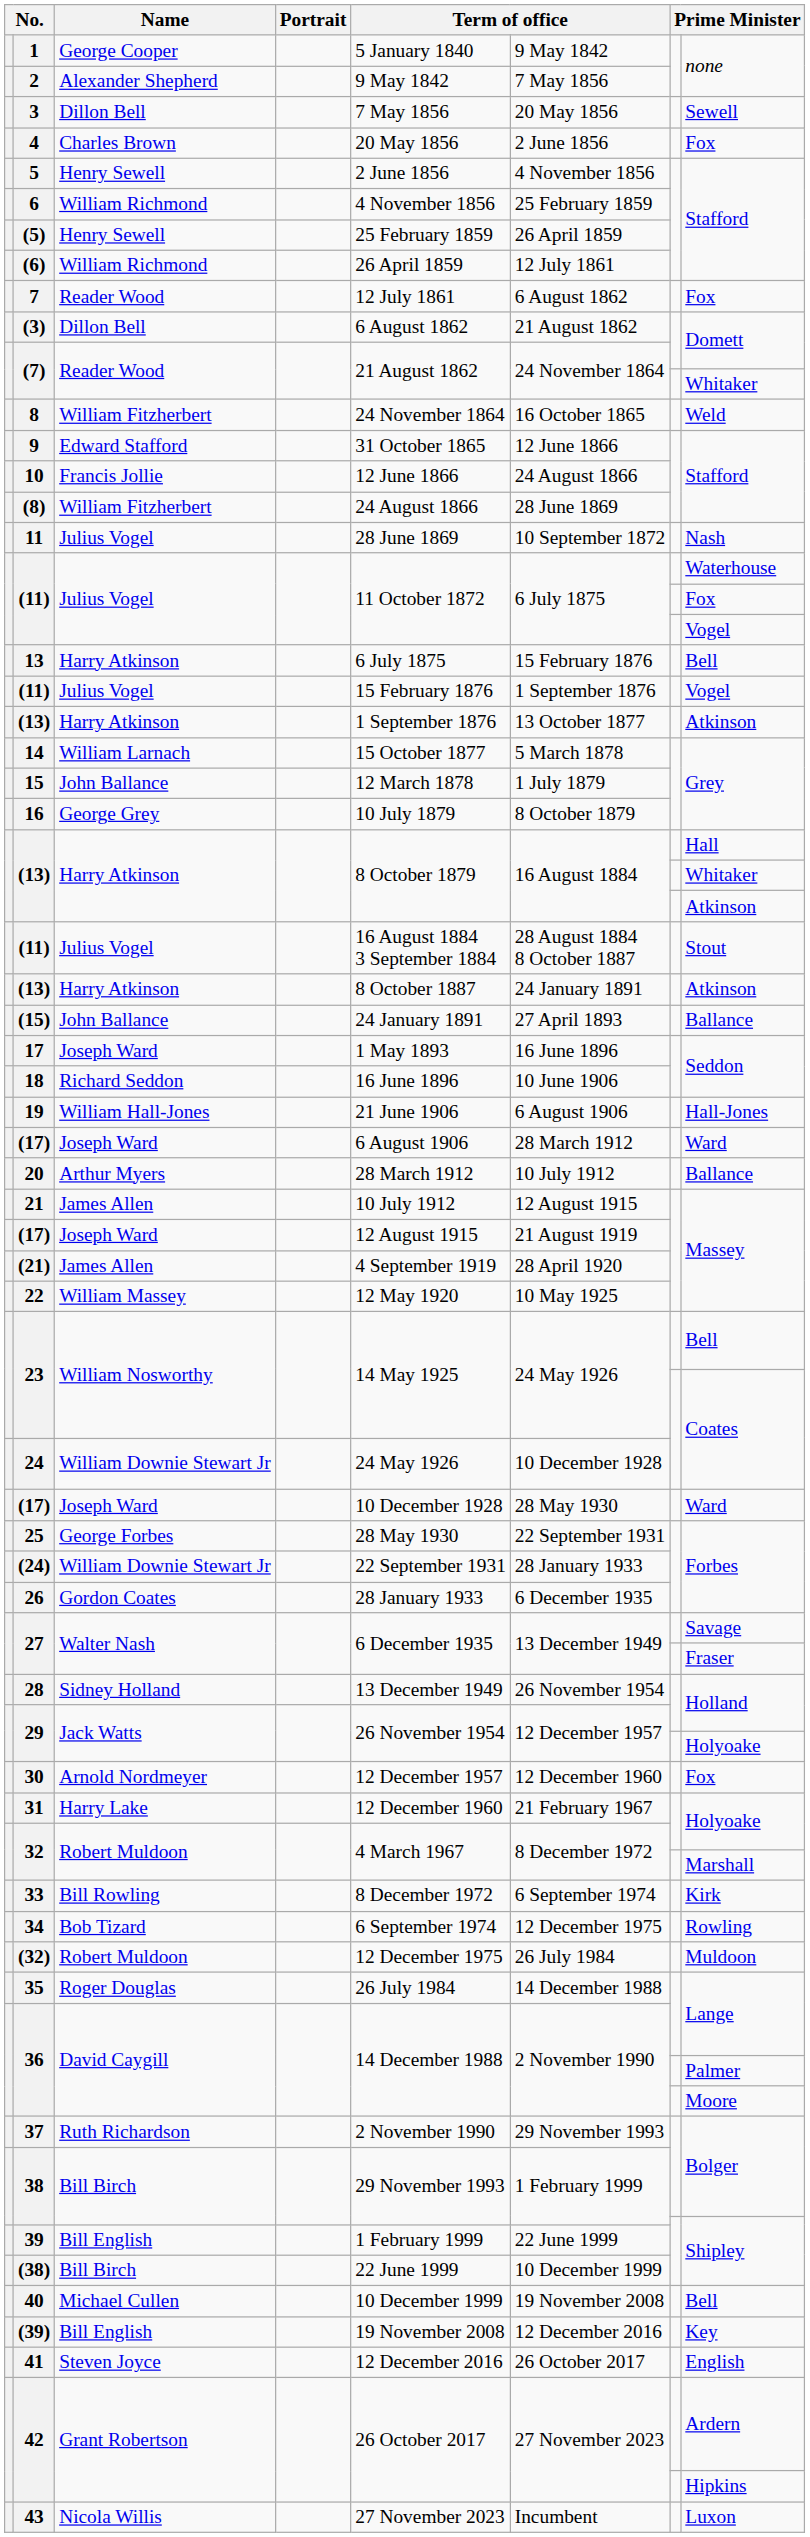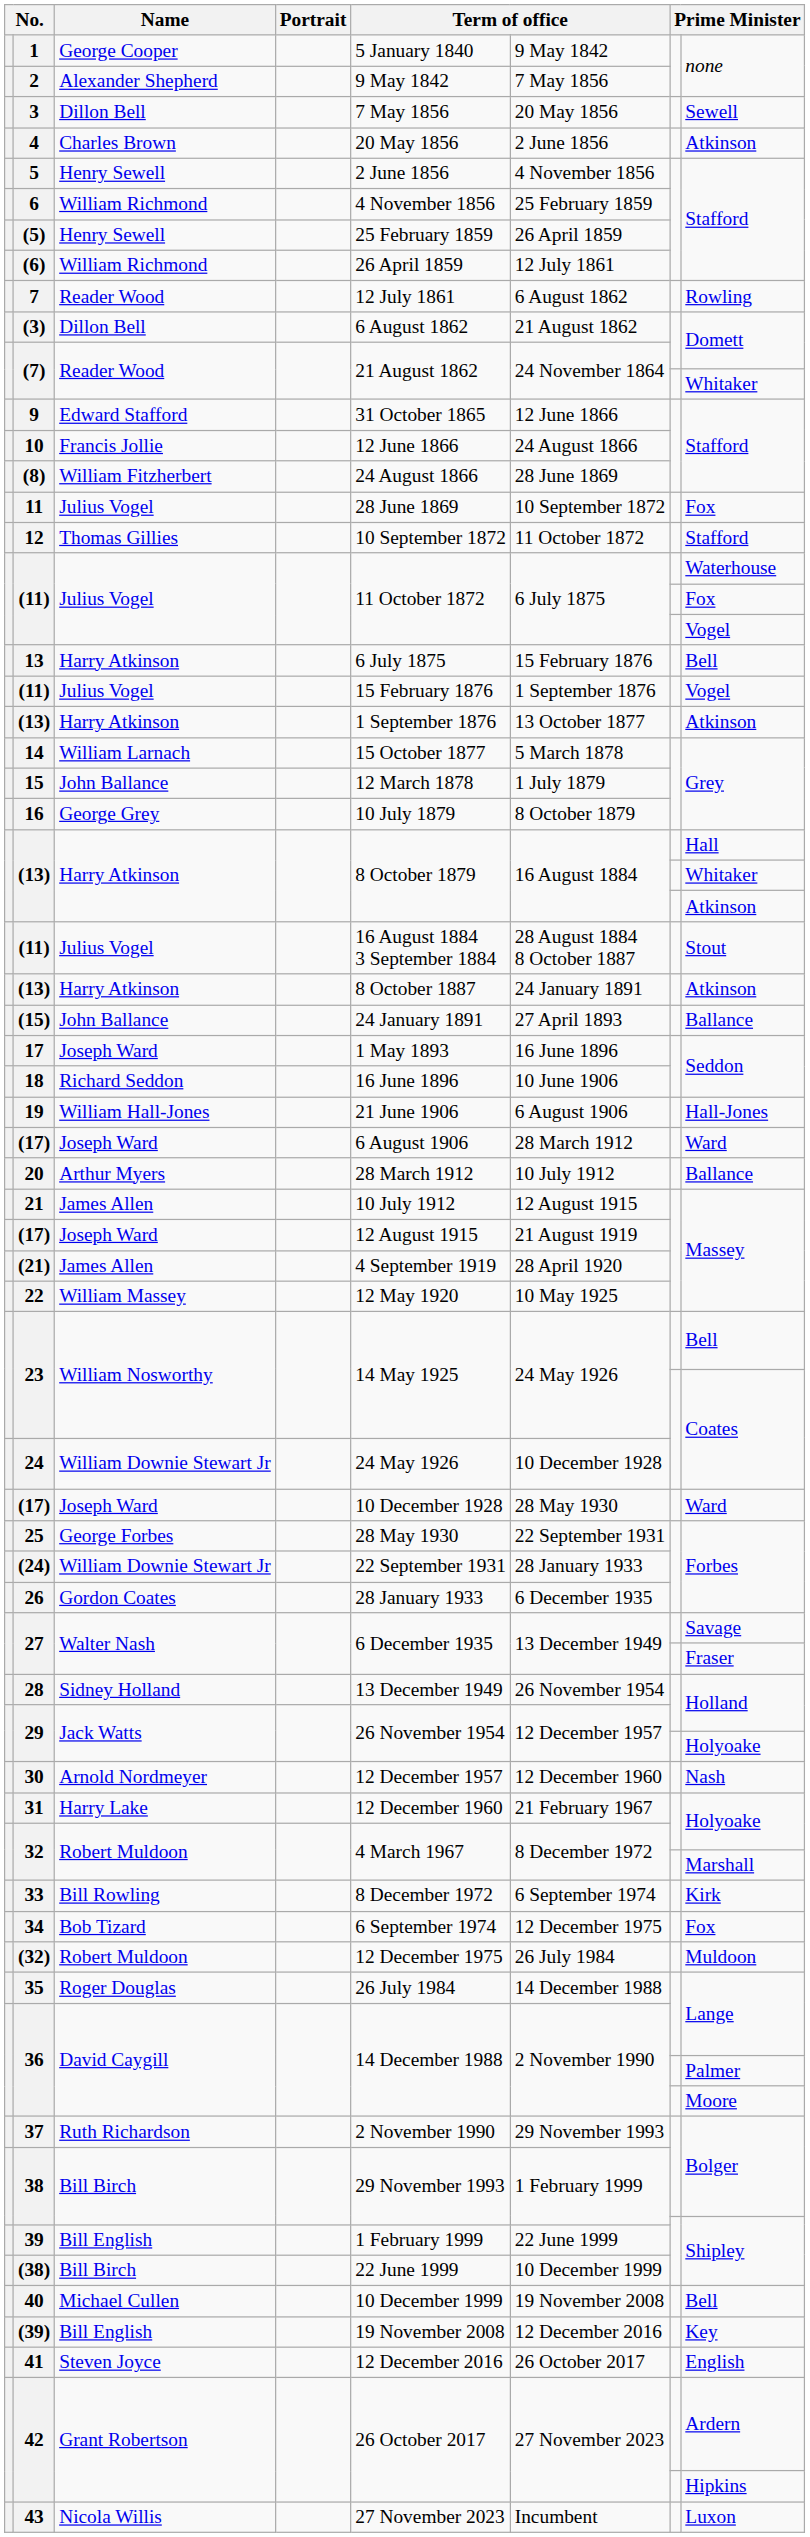 <table class="wikitable">
 <tr>
 <th colspan="2">No.</th>
 <th>Name</th>
 <th>Portrait</th>
 <th colspan="2">Term of office</th>
 <th colspan="2">Prime Minister</th>
 </tr>
 <tr>
 <th style="color:inherit;background:"></th>
 <th>1</th>
 <td><a href='#'>George Cooper</a></td>
 <td></td>
 <td>5 January 1840</td>
 <td>9 May 1842</td>
 <td rowspan="2" style="color:inherit;background:"></td>
 <td rowspan="2"><em>none</em></td>
 </tr>
 <tr>
 <th style="color:inherit;background:"></th>
 <th>2</th>
 <td><a href='#'>Alexander Shepherd</a></td>
 <td></td>
 <td>9 May 1842</td>
 <td>7 May 1856</td>
 </tr>
 <tr>
 <th style="color:inherit;background:"></th>
 <th>3</th>
 <td><a href='#'>Dillon Bell</a></td>
 <td></td>
 <td>7 May 1856</td>
 <td>20 May 1856</td>
 <td style="color:inherit;background:"></td>
 <td><a href='#'>Sewell</a></td>
 </tr>
 <tr>
 <th style="color:inherit;background:"></th>
 <th>4</th>
 <td><a href='#'>Charles Brown</a></td>
 <td></td>
 <td>20 May 1856</td>
 <td>2 June 1856</td>
 <td style="color:inherit;background:"></td>
-<td><a href='#'>Fox</a></td>
+<td><a href='#'>Atkinson</a></td>
 </tr>
 <tr>
 <th style="color:inherit;background:"></th>
 <th>5</th>
 <td><a href='#'>Henry Sewell</a></td>
 <td></td>
 <td>2 June 1856</td>
 <td>4 November 1856</td>
 <td rowspan="4" style="color:inherit;background:"></td>
 <td rowspan="4"><a href='#'>Stafford</a></td>
 </tr>
 <tr>
 <th style="color:inherit;background:"></th>
 <th>6</th>
 <td><a href='#'>William Richmond</a></td>
 <td></td>
 <td>4 November 1856</td>
 <td>25 February 1859</td>
 </tr>
 <tr>
 <th style="color:inherit;background:"></th>
 <th>(5)</th>
 <td><a href='#'>Henry Sewell</a></td>
 <td></td>
 <td>25 February 1859</td>
 <td>26 April 1859</td>
 </tr>
 <tr>
 <th style="color:inherit;background:"></th>
 <th>(6)</th>
 <td><a href='#'>William Richmond</a></td>
 <td></td>
 <td>26 April 1859</td>
 <td>12 July 1861</td>
 </tr>
 <tr>
 <th style="color:inherit;background:"></th>
 <th>7</th>
 <td><a href='#'>Reader Wood</a></td>
 <td></td>
 <td>12 July 1861</td>
 <td>6 August 1862</td>
 <td style="color:inherit;background:"></td>
-<td><a href='#'>Fox</a></td>
+<td><a href='#'>Rowling</a></td>
 </tr>
 <tr>
 <th style="color:inherit;background:"></th>
 <th>(3)</th>
 <td><a href='#'>Dillon Bell</a></td>
 <td></td>
 <td>6 August 1862</td>
 <td>21 August 1862</td>
 <td style="border-bottom:solid 0 grey; background:"></td>
 <td rowspan="2"><a href='#'>Domett</a></td>
 </tr>
 <tr>
 <th height="15" style="border-bottom:solid 0 grey; background:"></th>
 <th rowspan="2">(7)</th>
 <td rowspan="2"><a href='#'>Reader Wood</a></td>
 <td rowspan="2"></td>
 <td rowspan="2">21 August 1862</td>
 <td rowspan="2">24 November 1864</td>
 <td style="border-top:solid 0 grey; background:"></td>
 </tr>
 <tr>
 <th height="15" style="border-top:solid 0 grey; background:"></th>
 <td style="color:inherit;background:"></td>
 <td><a href='#'>Whitaker</a></td>
-</tr>
-<tr>
-<th style="color:inherit;background:"></th>
-<th>8</th>
-<td><a href='#'>William Fitzherbert</a></td>
-<td></td>
-<td>24 November 1864</td>
-<td>16 October 1865</td>
-<td style="color:inherit;background:"></td>
-<td><a href='#'>Weld</a></td>
 </tr>
 <tr>
 <th style="color:inherit;background:"></th>
 <th>9</th>
 <td><a href='#'>Edward Stafford</a></td>
 <td></td>
 <td>31 October 1865</td>
 <td>12 June 1866</td>
 <td rowspan="3" style="color:inherit;background:"></td>
 <td rowspan="3"><a href='#'>Stafford</a></td>
 </tr>
 <tr>
 <th style="color:inherit;background:"></th>
 <th>10</th>
 <td><a href='#'>Francis Jollie</a></td>
 <td></td>
 <td>12 June 1866</td>
 <td>24 August 1866</td>
 </tr>
 <tr>
 <th style="color:inherit;background:"></th>
 <th>(8)</th>
 <td><a href='#'>William Fitzherbert</a></td>
 <td></td>
 <td>24 August 1866</td>
 <td>28 June 1869</td>
 </tr>
 <tr>
 <th style="color:inherit;background:"></th>
 <th>11</th>
 <td><a href='#'>Julius Vogel</a></td>
 <td></td>
 <td>28 June 1869</td>
 <td>10 September 1872</td>
 <td style="color:inherit;background:"></td>
-<td><a href='#'>Nash</a></td>
+<td><a href='#'>Fox</a></td>
+</tr>
+<tr>
+<th style="color:inherit;background:"></th>
+<th>12</th>
+<td><a href='#'>Thomas Gillies</a></td>
+<td></td>
+<td>10 September 1872</td>
+<td>11 October 1872</td>
+<td style="color:inherit;background:"></td>
+<td><a href='#'>Stafford</a></td>
 </tr>
 <tr>
 <th rowspan="3" style="color:inherit;background:"></th>
 <th rowspan="3">(11)</th>
 <td rowspan="3"><a href='#'>Julius Vogel</a></td>
 <td rowspan="3"></td>
 <td rowspan="3">11 October 1872</td>
 <td rowspan="3">6 July 1875</td>
 <td style="color:inherit;background:"></td>
 <td><a href='#'>Waterhouse</a></td>
 </tr>
 <tr>
 <td style="color:inherit;background:"></td>
 <td><a href='#'>Fox</a></td>
 </tr>
 <tr>
 <td style="color:inherit;background:"></td>
 <td><a href='#'>Vogel</a></td>
 </tr>
 <tr>
 <th style="color:inherit;background:"></th>
 <th>13</th>
 <td><a href='#'>Harry Atkinson</a></td>
 <td></td>
 <td>6 July 1875</td>
 <td>15 February 1876</td>
 <td style="color:inherit;background:"></td>
 <td><a href='#'>Bell</a></td>
 </tr>
 <tr>
 <th style="color:inherit;background:"></th>
 <th>(11)</th>
 <td><a href='#'>Julius Vogel</a></td>
 <td></td>
 <td>15 February 1876</td>
 <td>1 September 1876</td>
 <td style="color:inherit;background:"></td>
 <td><a href='#'>Vogel</a></td>
 </tr>
 <tr>
 <th style="color:inherit;background:"></th>
 <th>(13)</th>
 <td><a href='#'>Harry Atkinson</a></td>
 <td></td>
 <td>1 September 1876</td>
 <td>13 October 1877</td>
 <td style="color:inherit;background:"></td>
 <td><a href='#'>Atkinson</a></td>
 </tr>
 <tr>
 <th style="color:inherit;background:"></th>
 <th>14</th>
 <td><a href='#'>William Larnach</a></td>
 <td></td>
 <td>15 October 1877</td>
 <td>5 March 1878</td>
 <td rowspan="3" style="color:inherit;background:"></td>
 <td rowspan="3"><a href='#'>Grey</a></td>
 </tr>
 <tr>
 <th style="color:inherit;background:"></th>
 <th>15</th>
 <td><a href='#'>John Ballance</a></td>
 <td></td>
 <td>12 March 1878</td>
 <td>1 July 1879</td>
 </tr>
 <tr>
 <th style="color:inherit;background:"></th>
 <th>16</th>
 <td><a href='#'>George Grey</a></td>
 <td></td>
 <td>10 July 1879</td>
 <td>8 October 1879</td>
 </tr>
 <tr>
 <th rowspan="3" style="color:inherit;background:"></th>
 <th rowspan="3">(13)</th>
 <td rowspan="3"><a href='#'>Harry Atkinson</a></td>
 <td rowspan="3"></td>
 <td rowspan="3">8 October 1879</td>
 <td rowspan="3">16 August 1884</td>
 <td style="color:inherit;background:"></td>
 <td><a href='#'>Hall</a></td>
 </tr>
 <tr>
 <td style="color:inherit;background:"></td>
 <td><a href='#'>Whitaker</a></td>
 </tr>
 <tr>
 <td style="color:inherit;background:"></td>
 <td><a href='#'>Atkinson</a></td>
 </tr>
 <tr>
 <th style="color:inherit;background:"></th>
 <th>(11)</th>
 <td><a href='#'>Julius Vogel</a></td>
 <td></td>
 <td>16 August 1884<br>3 September 1884</td>
 <td>28 August 1884<br>8 October 1887</td>
 <td style="color:inherit;background:"></td>
 <td><a href='#'>Stout</a></td>
 </tr>
 <tr>
 <th style="color:inherit;background:"></th>
 <th>(13)</th>
 <td><a href='#'>Harry Atkinson</a></td>
 <td></td>
 <td>8 October 1887</td>
 <td>24 January 1891</td>
 <td style="color:inherit;background:"></td>
 <td><a href='#'>Atkinson</a></td>
 </tr>
 <tr>
 <th style="color:inherit;background:"></th>
 <th>(15)</th>
 <td><a href='#'>John Ballance</a></td>
 <td></td>
 <td>24 January 1891</td>
 <td>27 April 1893</td>
 <td style="color:inherit;background:"></td>
 <td><a href='#'>Ballance</a></td>
 </tr>
 <tr>
 <th style="color:inherit;background:"></th>
 <th>17</th>
 <td><a href='#'>Joseph Ward</a></td>
 <td></td>
 <td>1 May 1893</td>
 <td>16 June 1896</td>
 <td rowspan="2" style="color:inherit;background:"></td>
 <td rowspan="2"><a href='#'>Seddon</a></td>
 </tr>
 <tr>
 <th style="color:inherit;background:"></th>
 <th>18</th>
 <td><a href='#'>Richard Seddon</a></td>
 <td></td>
 <td>16 June 1896</td>
 <td>10 June 1906</td>
 </tr>
 <tr>
 <th style="color:inherit;background:"></th>
 <th>19</th>
 <td><a href='#'>William Hall-Jones</a></td>
 <td></td>
 <td>21 June 1906</td>
 <td>6 August 1906</td>
 <td style="color:inherit;background:"></td>
 <td><a href='#'>Hall-Jones</a></td>
 </tr>
 <tr>
 <th style="color:inherit;background:"></th>
 <th>(17)</th>
 <td><a href='#'>Joseph Ward</a></td>
 <td></td>
 <td>6 August 1906</td>
 <td>28 March 1912</td>
 <td style="color:inherit;background:"></td>
 <td><a href='#'>Ward</a></td>
 </tr>
 <tr>
 <th style="color:inherit;background:"></th>
 <th>20</th>
 <td><a href='#'>Arthur Myers</a></td>
 <td></td>
 <td>28 March 1912</td>
 <td>10 July 1912</td>
 <td style="color:inherit;background:"></td>
 <td><a href='#'>Ballance</a></td>
 </tr>
 <tr>
 <th style="color:inherit;background:"></th>
 <th>21</th>
 <td><a href='#'>James Allen</a></td>
 <td></td>
 <td>10 July 1912</td>
 <td>12 August 1915</td>
 <td rowspan="4" style="color:inherit;background:"></td>
 <td rowspan="4"><a href='#'>Massey</a></td>
 </tr>
 <tr>
 <th style="color:inherit;background:"></th>
 <th>(17)</th>
 <td><a href='#'>Joseph Ward</a></td>
 <td></td>
 <td>12 August 1915</td>
 <td>21 August 1919</td>
 </tr>
 <tr>
 <th style="color:inherit;background:"></th>
 <th>(21)</th>
 <td><a href='#'>James Allen</a></td>
 <td></td>
 <td>4 September 1919</td>
 <td>28 April 1920</td>
 </tr>
 <tr>
 <th style="color:inherit;background:"></th>
 <th>22</th>
 <td><a href='#'>William Massey</a></td>
 <td></td>
 <td>12 May 1920</td>
 <td>10 May 1925</td>
 </tr>
 <tr>
 <th rowspan="2" style="color:inherit;background:"></th>
 <th rowspan="2">23</th>
 <td rowspan="2"><a href='#'>William Nosworthy</a></td>
 <td rowspan="2"></td>
 <td rowspan="2">14 May 1925</td>
 <td rowspan="2">24 May 1926</td>
 <td height="40" style="color:inherit;background:"></td>
 <td><a href='#'>Bell</a></td>
 </tr>
 <tr>
 <td height="50" style="border-bottom:solid 0 grey; background:"></td>
 <td rowspan="2"><a href='#'>Coates</a></td>
 </tr>
 <tr>
 <th style="color:inherit;background:"></th>
 <th>24</th>
 <td><a href='#'>William Downie Stewart Jr</a></td>
 <td></td>
 <td>24 May 1926</td>
 <td>10 December 1928</td>
 <td height="36" style="border-top:solid 0 grey; background:"></td>
 </tr>
 <tr>
 <th style="color:inherit;background:"></th>
 <th>(17)</th>
 <td><a href='#'>Joseph Ward</a></td>
 <td></td>
 <td>10 December 1928</td>
 <td>28 May 1930</td>
 <td style="color:inherit;background:"></td>
 <td><a href='#'>Ward</a></td>
 </tr>
 <tr>
 <th style="color:inherit;background:"></th>
 <th>25</th>
 <td><a href='#'>George Forbes</a></td>
 <td></td>
 <td>28 May 1930</td>
 <td>22 September 1931</td>
 <td rowspan="3" style="color:inherit;background:"></td>
 <td rowspan="3"><a href='#'>Forbes</a></td>
 </tr>
 <tr>
 <th style="color:inherit;background:"></th>
 <th>(24)</th>
 <td><a href='#'>William Downie Stewart Jr</a></td>
 <td></td>
 <td>22 September 1931</td>
 <td>28 January 1933</td>
 </tr>
 <tr>
 <th style="color:inherit;background:"></th>
 <th>26</th>
 <td><a href='#'>Gordon Coates</a></td>
 <td></td>
 <td>28 January 1933</td>
 <td>6 December 1935</td>
 </tr>
 <tr>
 <th rowspan="2" style="color:inherit;background:"></th>
 <th rowspan="2">27</th>
 <td rowspan="2"><a href='#'>Walter Nash</a></td>
 <td rowspan="2"></td>
 <td rowspan="2">6 December 1935</td>
 <td rowspan="2">13 December 1949</td>
 <td style="color:inherit;background:"></td>
 <td><a href='#'>Savage</a></td>
 </tr>
 <tr>
 <td style="color:inherit;background:"></td>
 <td><a href='#'>Fraser</a></td>
 </tr>
 <tr>
 <th style="color:inherit;background:"></th>
 <th>28</th>
 <td><a href='#'>Sidney Holland</a></td>
 <td></td>
 <td>13 December 1949</td>
 <td>26 November 1954</td>
 <td style="border-bottom:solid 0 grey; background:"></td>
 <td rowspan="2"><a href='#'>Holland</a></td>
 </tr>
 <tr>
 <th rowspan="2" style="color:inherit;background:"></th>
 <th rowspan="2">29</th>
 <td rowspan="2"><a href='#'>Jack Watts</a></td>
 <td rowspan="2"></td>
 <td rowspan="2">26 November 1954</td>
 <td rowspan="2">12 December 1957</td>
 <td height="15" style="border-top:solid 0 grey; background:"></td>
 </tr>
 <tr>
 <td height="15" style="color:inherit;background:"></td>
 <td><a href='#'>Holyoake</a></td>
 </tr>
 <tr>
 <th style="color:inherit;background:"></th>
 <th>30</th>
 <td><a href='#'>Arnold Nordmeyer</a></td>
 <td></td>
 <td>12 December 1957</td>
 <td>12 December 1960</td>
 <td style="color:inherit;background:"></td>
-<td><a href='#'>Fox</a></td>
+<td><a href='#'>Nash</a></td>
 </tr>
 <tr>
 <th style="color:inherit;background:"></th>
 <th>31</th>
 <td><a href='#'>Harry Lake</a></td>
 <td></td>
 <td>12 December 1960</td>
 <td>21 February 1967</td>
 <td style="border-bottom:solid 0 grey; background:"></td>
 <td rowspan="2"><a href='#'>Holyoake</a></td>
 </tr>
 <tr>
 <th rowspan="2" style="color:inherit;background:"></th>
 <th rowspan="2">32</th>
 <td rowspan="2"><a href='#'>Robert Muldoon</a></td>
 <td rowspan="2"></td>
 <td rowspan="2">4 March 1967</td>
 <td rowspan="2">8 December 1972</td>
 <td height="15" style="border-top:solid 0 grey; background:"></td>
 </tr>
 <tr>
 <td height="15" style="color:inherit;background:"></td>
 <td><a href='#'>Marshall</a></td>
 </tr>
 <tr>
 <th style="color:inherit;background:"></th>
 <th>33</th>
 <td><a href='#'>Bill Rowling</a></td>
 <td></td>
 <td>8 December 1972</td>
 <td>6 September 1974</td>
 <td style="color:inherit;background:"></td>
 <td><a href='#'>Kirk</a></td>
 </tr>
 <tr>
 <th style="color:inherit;background:"></th>
 <th>34</th>
 <td><a href='#'>Bob Tizard</a></td>
 <td></td>
 <td>6 September 1974</td>
 <td>12 December 1975</td>
 <td style="color:inherit;background:"></td>
-<td><a href='#'>Rowling</a></td>
+<td><a href='#'>Fox</a></td>
 </tr>
 <tr>
 <th style="color:inherit;background:"></th>
 <th>(32)</th>
 <td><a href='#'>Robert Muldoon</a></td>
 <td></td>
 <td>12 December 1975</td>
 <td>26 July 1984</td>
 <td style="color:inherit;background:"></td>
 <td><a href='#'>Muldoon</a></td>
 </tr>
 <tr>
 <th style="color:inherit;background:"></th>
 <th>35</th>
 <td><a href='#'>Roger Douglas</a></td>
 <td></td>
 <td>26 July 1984</td>
 <td>14 December 1988</td>
 <td style="border-bottom:solid 0 grey; background:"></td>
 <td rowspan="2"><a href='#'>Lange</a></td>
 </tr>
 <tr>
 <th rowspan="3" style="color:inherit;background:"></th>
 <th rowspan="3">36</th>
 <td rowspan="3"><a href='#'>David Caygill</a></td>
 <td rowspan="3"></td>
 <td rowspan="3">14 December 1988</td>
 <td rowspan="3">2 November 1990</td>
 <td height="36" style="border-top:solid 0 grey; background:"></td>
 </tr>
 <tr>
 <td style="color:inherit;background:"></td>
 <td><a href='#'>Palmer</a></td>
 </tr>
 <tr>
 <td style="color:inherit;background:"></td>
 <td><a href='#'>Moore</a></td>
 </tr>
 <tr>
 <th style="color:inherit;background:"></th>
 <th>37</th>
 <td><a href='#'>Ruth Richardson</a></td>
 <td></td>
 <td>2 November 1990</td>
 <td>29 November 1993</td>
 <td style="border-bottom:solid 0 grey; background:"></td>
 <td rowspan="2"><a href='#'>Bolger</a></td>
 </tr>
 <tr>
 <th rowspan="2" style="color:inherit;background:"></th>
 <th rowspan="2">38</th>
 <td rowspan="2"><a href='#'>Bill Birch</a></td>
 <td rowspan="2"></td>
 <td rowspan="2">29 November 1993</td>
 <td rowspan="2">1 February 1999</td>
 <td height="50" style="border-top:solid 0 grey; background:"></td>
 </tr>
 <tr>
 <td style="border-bottom:solid 0 grey; background:"></td>
 <td rowspan="3"><a href='#'>Shipley</a></td>
 </tr>
 <tr>
 <th style="color:inherit;background:"></th>
 <th>39</th>
 <td><a href='#'>Bill English</a></td>
 <td></td>
 <td>1 February 1999</td>
 <td>22 June 1999</td>
 <td rowspan="2" style="border-top:solid 0 grey; background:"></td>
 </tr>
 <tr>
 <th style="color:inherit;background:"></th>
 <th>(38)</th>
 <td><a href='#'>Bill Birch</a></td>
 <td></td>
 <td>22 June 1999</td>
 <td>10 December 1999</td>
 </tr>
 <tr>
 <th style="color:inherit;background:"></th>
 <th>40</th>
 <td><a href='#'>Michael Cullen</a></td>
 <td></td>
 <td>10 December 1999</td>
 <td>19 November 2008</td>
 <td style="color:inherit;background:"></td>
 <td><a href='#'>Bell</a></td>
 </tr>
 <tr>
 <th style="color:inherit;background:"></th>
 <th>(39)</th>
 <td><a href='#'>Bill English</a></td>
 <td></td>
 <td>19 November 2008</td>
 <td>12 December 2016</td>
 <td style="color:inherit;background:"></td>
 <td><a href='#'>Key</a></td>
 </tr>
 <tr>
 <th style="color:inherit;background:"></th>
 <th>41</th>
 <td><a href='#'>Steven Joyce</a></td>
 <td></td>
 <td>12 December 2016</td>
 <td>26 October 2017</td>
 <td style="color:inherit;background:"></td>
 <td><a href='#'>English</a></td>
 </tr>
 <tr>
 <th height="70" style="border-bottom:solid 0 grey; background:"></th>
 <th rowspan="2">42</th>
 <td rowspan="2"><a href='#'>Grant Robertson</a></td>
 <td rowspan="2"></td>
 <td rowspan="2">26 October 2017</td>
 <td rowspan="2">27 November 2023</td>
 <td style="color:inherit;background:"></td>
 <td><a href='#'>Ardern</a></td>
 </tr>
 <tr>
 <th height="15" style="border-top:solid 0 grey; background:"></th>
 <td style="color:inherit;background:"></td>
 <td><a href='#'>Hipkins</a></td>
 </tr>
 <tr>
 <th style="color:inherit;background:"></th>
 <th>43</th>
 <td><a href='#'>Nicola Willis</a></td>
 <td></td>
 <td>27 November 2023</td>
 <td>Incumbent</td>
 <td style="color:inherit;background:"></td>
 <td><a href='#'>Luxon</a></td>
 </tr>
 </table>
